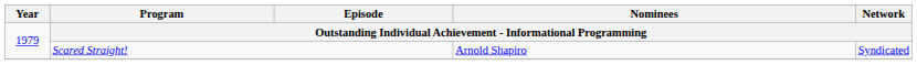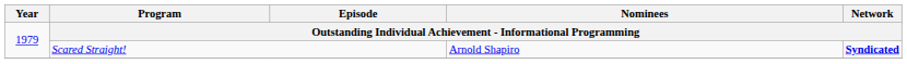 <table class="wikitable" style="width:100%">
 <tr style="background:#bebebe;">
 <th style="width:5%;">Year</th>
 <th style="width:25%;">Program</th>
 <th style="width:20%;">Episode</th>
 <th style="width:45%;">Nominees</th>
 <th style="width:5%;">Network</th>
 </tr>
 <tr>
 <td rowspan=2 style="text-align:center"><a href='#'>1979</a></td>
 <th colspan="4">Outstanding Individual Achievement - Informational Programming</th>
 </tr>
 <tr>
 <td colspan=2><em><a href='#'>Scared Straight!</a></em></td>
 <td><a href='#'>Arnold Shapiro</a></td>
-<td><a href='#'>Syndicated</a></td>
+<td><strong><a href='#'>Syndicated</a></strong></td>
 </tr>
 <tr>
 </tr>
 </table>
